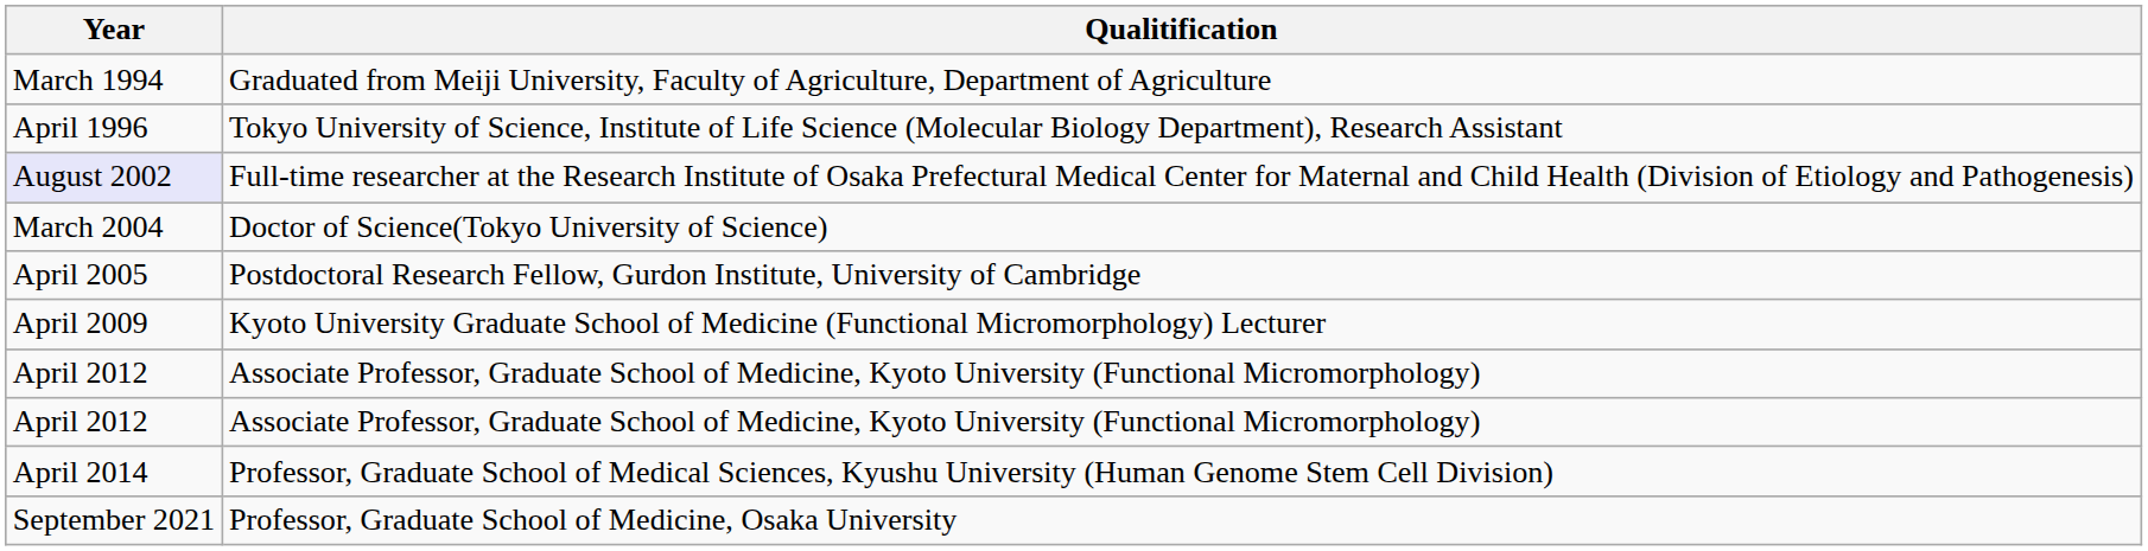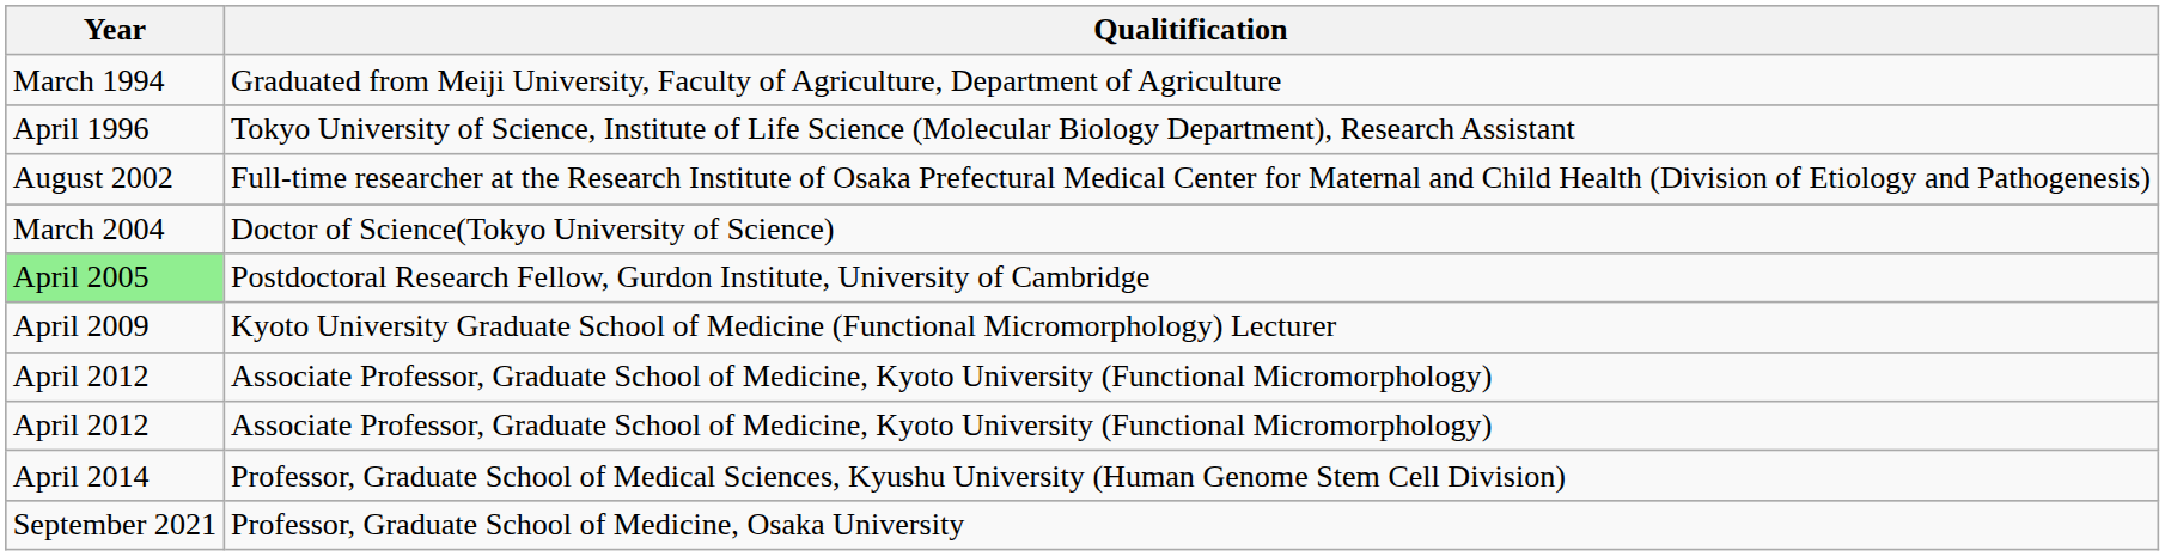 <table class="wikitable">
 <tr>
 <th>Year</th>
 <th>Qualitification</th>
 </tr>
 <tr>
 <td>March 1994</td>
 <td>Graduated from Meiji University, Faculty of Agriculture, Department of Agriculture</td>
 </tr>
 <tr>
 <td>April 1996</td>
 <td>Tokyo University of Science, Institute of Life Science (Molecular Biology Department), Research Assistant</td>
 </tr>
 <tr>
-<td style="background: lavender;">August 2002</td>
+<td>August 2002</td>
 <td>Full-time researcher at the Research Institute of Osaka Prefectural Medical Center for Maternal and Child Health (Division of Etiology and Pathogenesis)</td>
 </tr>
 <tr>
 <td>March 2004</td>
 <td>Doctor of Science(Tokyo University of Science)</td>
 </tr>
 <tr>
-<td>April 2005</td>
+<td style="background: lightgreen;">April 2005</td>
 <td>Postdoctoral Research Fellow, Gurdon Institute, University of Cambridge</td>
 </tr>
 <tr>
 <td>April 2009</td>
 <td>Kyoto University Graduate School of Medicine (Functional Micromorphology) Lecturer</td>
 </tr>
 <tr>
 <td>April 2012</td>
 <td>Associate Professor, Graduate School of Medicine, Kyoto University (Functional Micromorphology)</td>
 </tr>
 <tr>
 <td>April 2012</td>
 <td>Associate Professor, Graduate School of Medicine, Kyoto University (Functional Micromorphology)</td>
 </tr>
 <tr>
 <td>April 2014</td>
 <td>Professor, Graduate School of Medical Sciences, Kyushu University (Human Genome Stem Cell Division)</td>
 </tr>
 <tr>
 <td>September 2021</td>
 <td>Professor, Graduate School of Medicine, Osaka University</td>
 </tr>
 </table>
